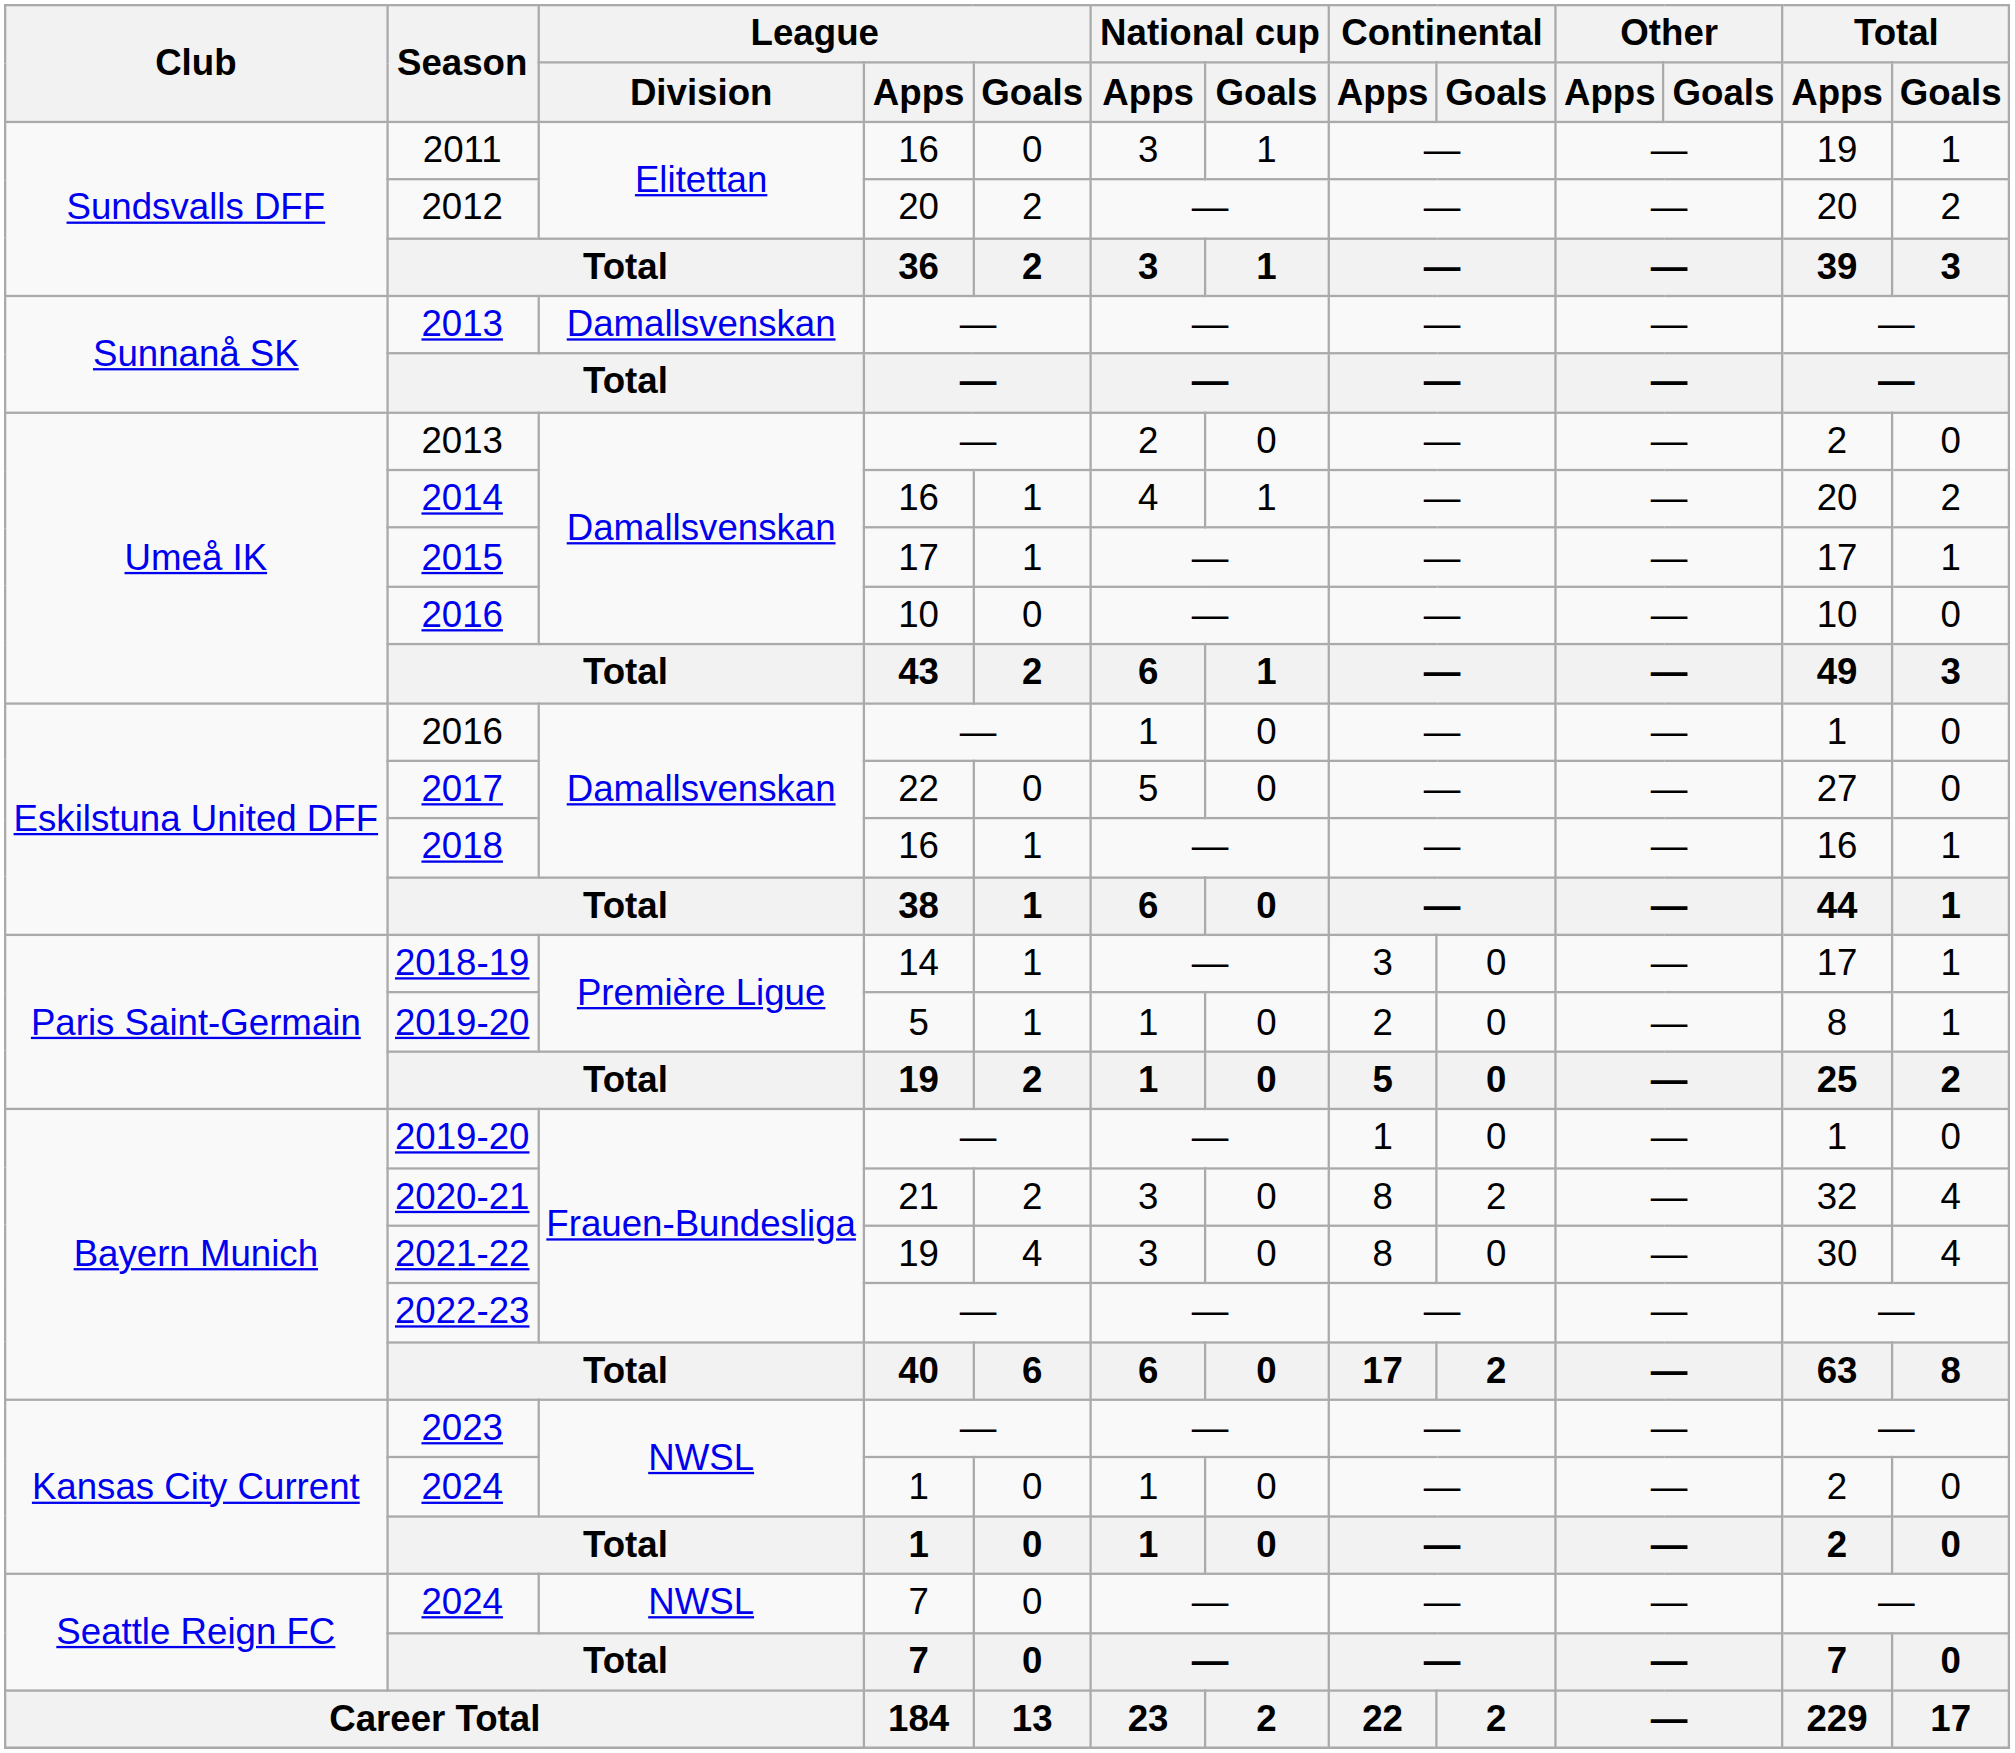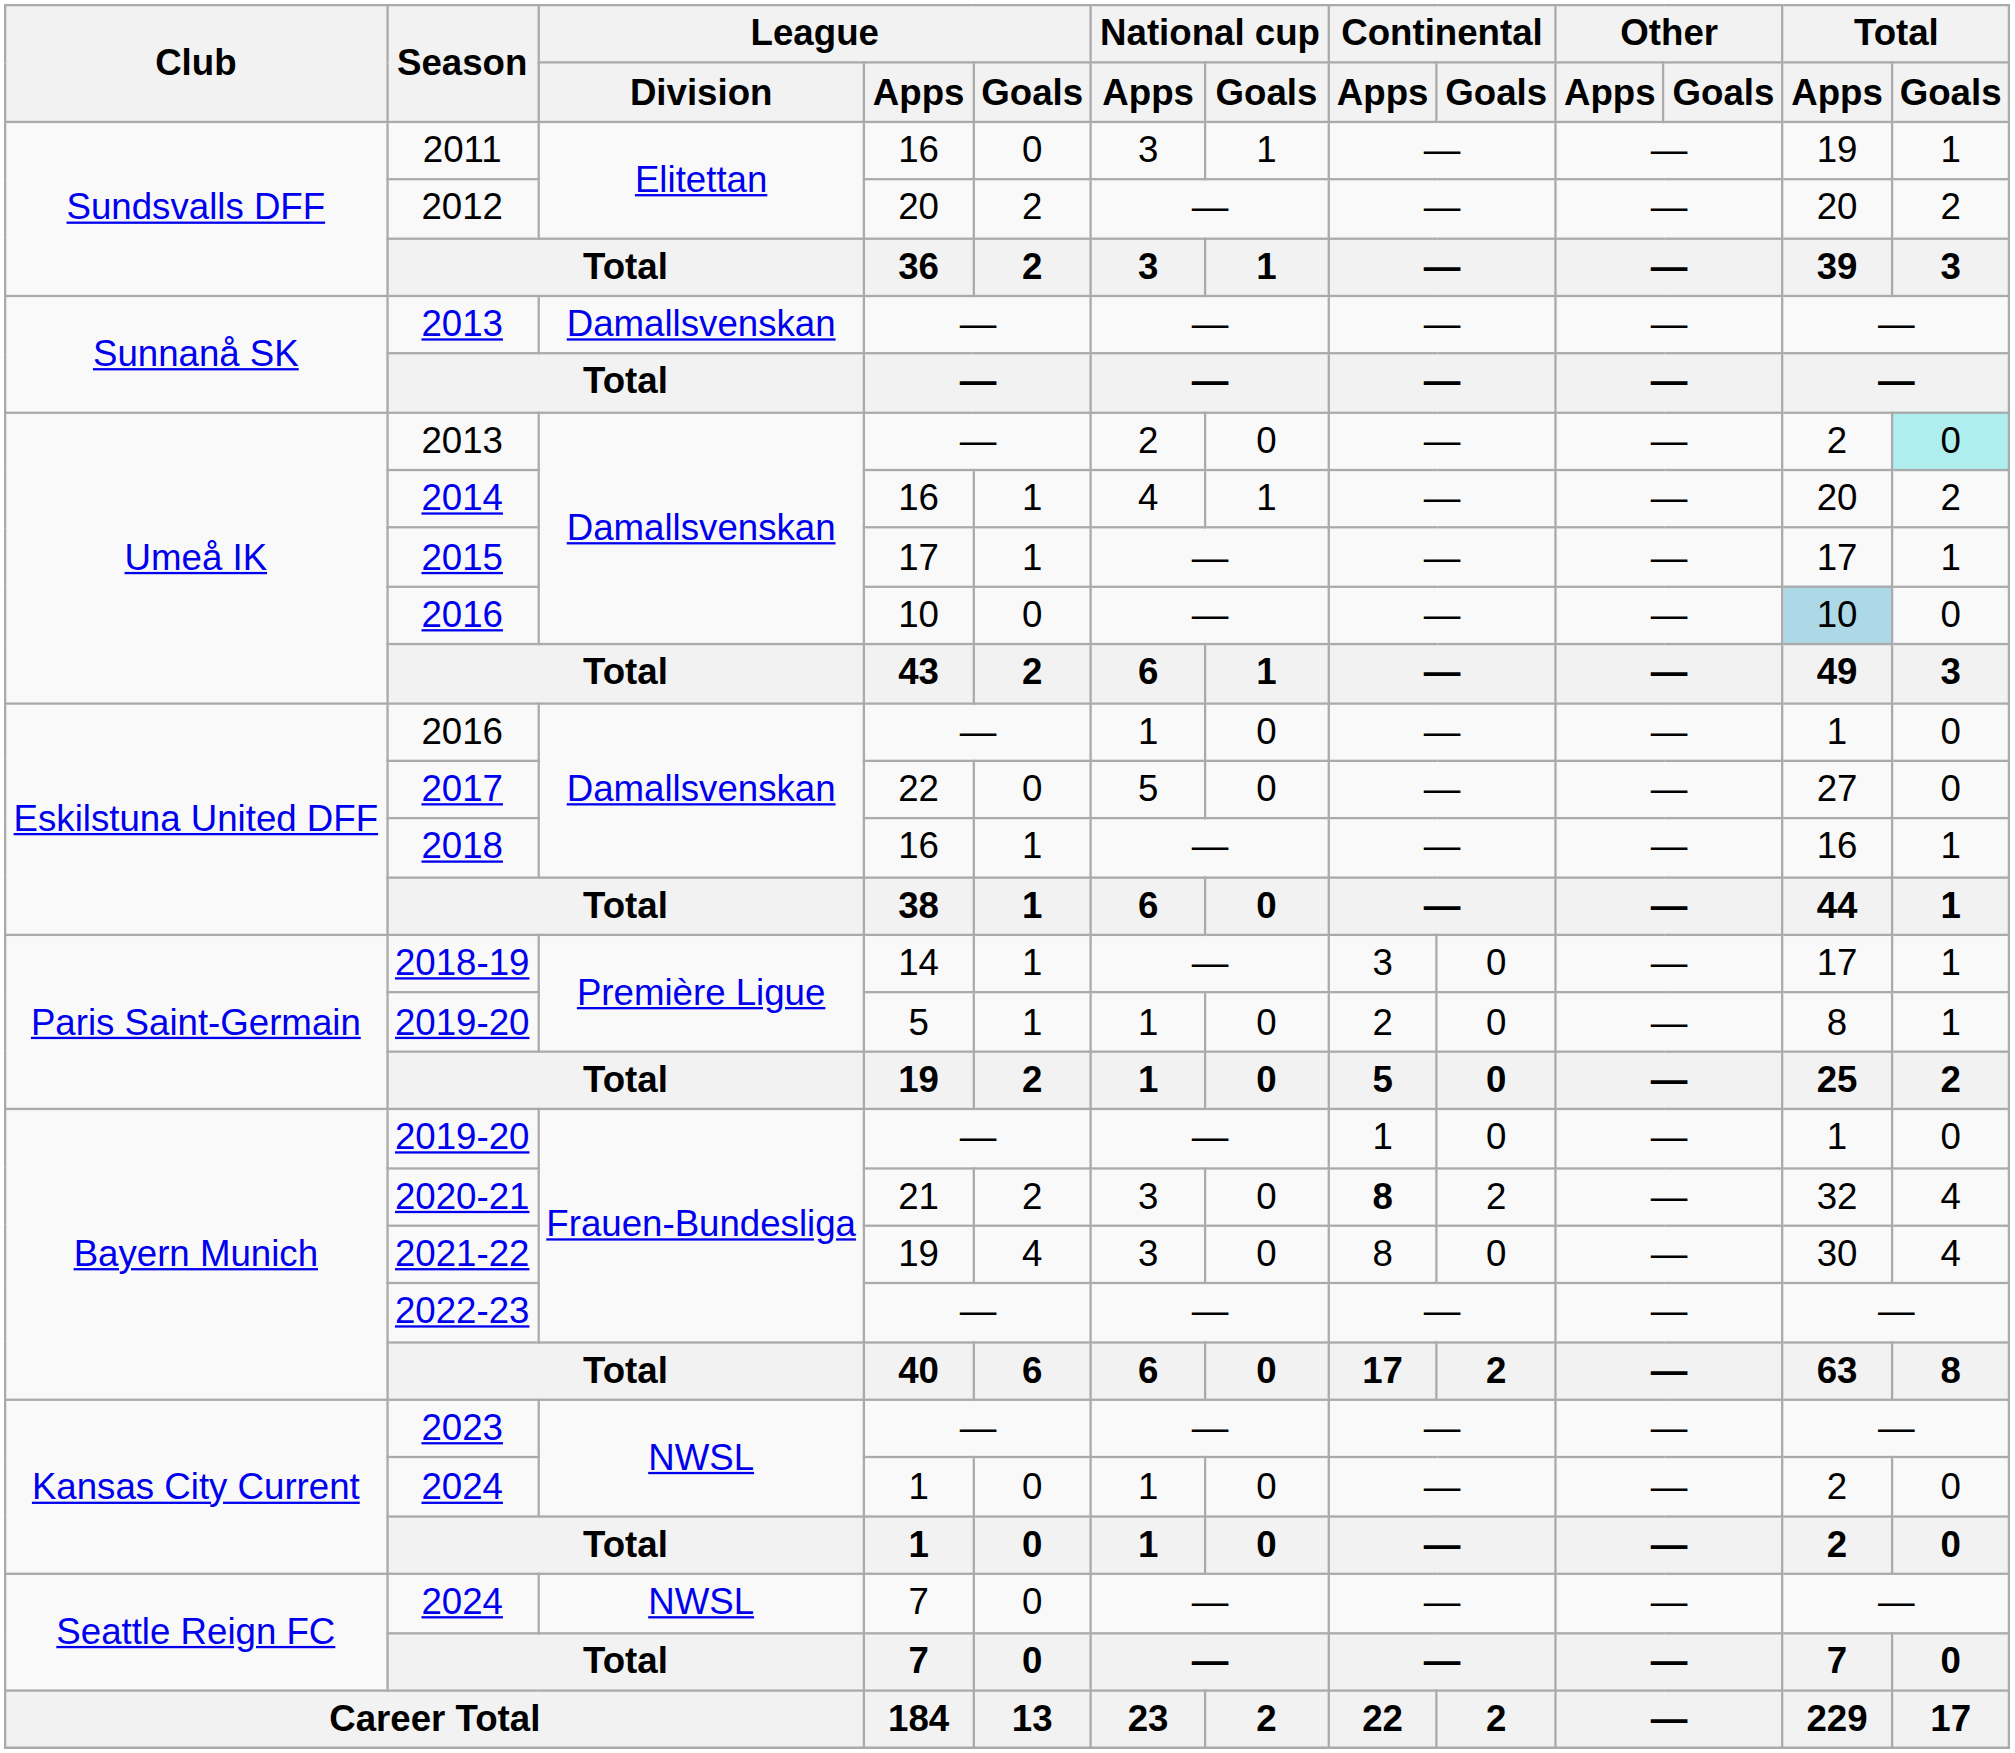 <table class="wikitable" style="text-align:center">
 <tr>
 <th rowspan="2">Club</th>
 <th rowspan="2">Season</th>
 <th colspan="3">League</th>
 <th colspan="2">National cup</th>
 <th colspan="2">Continental</th>
 <th colspan="2">Other</th>
 <th colspan="2">Total</th>
 </tr>
 <tr>
 <th>Division</th>
 <th>Apps</th>
 <th>Goals</th>
 <th>Apps</th>
 <th>Goals</th>
 <th>Apps</th>
 <th>Goals</th>
 <th>Apps</th>
 <th>Goals</th>
 <th>Apps</th>
 <th>Goals</th>
 </tr>
 <tr>
 <td rowspan="3"><a href='#'>Sundsvalls DFF</a></td>
 <td>2011</td>
 <td rowspan="2"><a href='#'>Elitettan</a></td>
 <td>16</td>
 <td>0</td>
 <td>3</td>
 <td>1</td>
 <td colspan="2">—</td>
 <td colspan="2">—</td>
 <td>19</td>
 <td>1</td>
 </tr>
 <tr>
 <td>2012</td>
 <td>20</td>
 <td>2</td>
 <td colspan="2">—</td>
 <td colspan="2">—</td>
 <td colspan="2">—</td>
 <td>20</td>
 <td>2</td>
 </tr>
 <tr>
 <th colspan="2">Total</th>
 <th>36</th>
 <th>2</th>
 <th>3</th>
 <th>1</th>
 <th colspan="2">—</th>
 <th colspan="2">—</th>
 <th>39</th>
 <th>3</th>
 </tr>
 <tr>
 <td rowspan="2"><a href='#'>Sunnanå SK</a></td>
 <td><a href='#'>2013</a></td>
 <td><a href='#'>Damallsvenskan</a></td>
 <td colspan="2">—</td>
 <td colspan="2">—</td>
 <td colspan="2">—</td>
 <td colspan="2">—</td>
 <td colspan="2">—</td>
 </tr>
 <tr>
 <th colspan="2">Total</th>
 <th colspan="2">—</th>
 <th colspan="2">—</th>
 <th colspan="2">—</th>
 <th colspan="2">—</th>
 <th colspan="2">—</th>
 </tr>
 <tr>
 <td rowspan="5"><a href='#'>Umeå IK</a></td>
 <td>2013</td>
 <td rowspan="4"><a href='#'>Damallsvenskan</a></td>
 <td colspan="2">—</td>
 <td>2</td>
 <td>0</td>
 <td colspan="2">—</td>
 <td colspan="2">—</td>
 <td>2</td>
-<td>0</td>
+<td style="background: paleturquoise;">0</td>
 </tr>
 <tr>
 <td><a href='#'>2014</a></td>
 <td>16</td>
 <td>1</td>
 <td>4</td>
 <td>1</td>
 <td colspan="2">—</td>
 <td colspan="2">—</td>
 <td>20</td>
 <td>2</td>
 </tr>
 <tr>
 <td><a href='#'>2015</a></td>
 <td>17</td>
 <td>1</td>
 <td colspan="2">—</td>
 <td colspan="2">—</td>
 <td colspan="2">—</td>
 <td>17</td>
 <td>1</td>
 </tr>
 <tr>
 <td><a href='#'>2016</a></td>
 <td>10</td>
 <td>0</td>
 <td colspan="2">—</td>
 <td colspan="2">—</td>
 <td colspan="2">—</td>
-<td>10</td>
+<td style="background: lightblue;">10</td>
 <td>0</td>
 </tr>
 <tr>
 <th colspan="2">Total</th>
 <th>43</th>
 <th>2</th>
 <th>6</th>
 <th>1</th>
 <th colspan="2">—</th>
 <th colspan="2">—</th>
 <th>49</th>
 <th>3</th>
 </tr>
 <tr>
 <td rowspan="4"><a href='#'>Eskilstuna United DFF</a></td>
 <td>2016</td>
 <td rowspan="3"><a href='#'>Damallsvenskan</a></td>
 <td colspan="2">—</td>
 <td>1</td>
 <td>0</td>
 <td colspan="2">—</td>
 <td colspan="2">—</td>
 <td>1</td>
 <td>0</td>
 </tr>
 <tr>
 <td><a href='#'>2017</a></td>
 <td>22</td>
 <td>0</td>
 <td>5</td>
 <td>0</td>
 <td colspan="2">—</td>
 <td colspan="2">—</td>
 <td>27</td>
 <td>0</td>
 </tr>
 <tr>
 <td><a href='#'>2018</a></td>
 <td>16</td>
 <td>1</td>
 <td colspan="2">—</td>
 <td colspan="2">—</td>
 <td colspan="2">—</td>
 <td>16</td>
 <td>1</td>
 </tr>
 <tr>
 <th colspan="2">Total</th>
 <th>38</th>
 <th>1</th>
 <th>6</th>
 <th>0</th>
 <th colspan="2">—</th>
 <th colspan="2">—</th>
 <th>44</th>
 <th>1</th>
 </tr>
 <tr>
 <td rowspan="3"><a href='#'>Paris Saint-Germain</a></td>
 <td><a href='#'>2018-19</a></td>
 <td rowspan="2"><a href='#'>Première Ligue</a></td>
 <td>14</td>
 <td>1</td>
 <td colspan="2">—</td>
 <td>3</td>
 <td>0</td>
 <td colspan="2">—</td>
 <td>17</td>
 <td>1</td>
 </tr>
 <tr>
 <td><a href='#'>2019-20</a></td>
 <td>5</td>
 <td>1</td>
 <td>1</td>
 <td>0</td>
 <td>2</td>
 <td>0</td>
 <td colspan="2">—</td>
 <td>8</td>
 <td>1</td>
 </tr>
 <tr>
 <th colspan="2">Total</th>
 <th>19</th>
 <th>2</th>
 <th>1</th>
 <th>0</th>
 <th>5</th>
 <th>0</th>
 <th colspan="2">—</th>
 <th>25</th>
 <th>2</th>
 </tr>
 <tr>
 <td rowspan="5"><a href='#'>Bayern Munich</a></td>
 <td><a href='#'>2019-20</a></td>
 <td rowspan="4"><a href='#'>Frauen-Bundesliga</a></td>
 <td colspan="2">—</td>
 <td colspan="2">—</td>
 <td>1</td>
 <td>0</td>
 <td colspan="2">—</td>
 <td>1</td>
 <td>0</td>
 </tr>
 <tr>
 <td><a href='#'>2020-21</a></td>
 <td>21</td>
 <td>2</td>
 <td>3</td>
 <td>0</td>
-<td>8</td>
+<td><strong>8</strong></td>
 <td>2</td>
 <td colspan="2">—</td>
 <td>32</td>
 <td>4</td>
 </tr>
 <tr>
 <td><a href='#'>2021-22</a></td>
 <td>19</td>
 <td>4</td>
 <td>3</td>
 <td>0</td>
 <td>8</td>
 <td>0</td>
 <td colspan="2">—</td>
 <td>30</td>
 <td>4</td>
 </tr>
 <tr>
 <td><a href='#'>2022-23</a></td>
 <td colspan="2">—</td>
 <td colspan="2">—</td>
 <td colspan="2">—</td>
 <td colspan="2">—</td>
 <td colspan="2">—</td>
 </tr>
 <tr>
 <th colspan="2">Total</th>
 <th>40</th>
 <th>6</th>
 <th>6</th>
 <th>0</th>
 <th>17</th>
 <th>2</th>
 <th colspan="2">—</th>
 <th>63</th>
 <th>8</th>
 </tr>
 <tr>
 <td rowspan="3"><a href='#'>Kansas City Current</a></td>
 <td><a href='#'>2023</a></td>
 <td rowspan="2"><a href='#'>NWSL</a></td>
 <td colspan="2">—</td>
 <td colspan="2">—</td>
 <td colspan="2">—</td>
 <td colspan="2">—</td>
 <td colspan="2">—</td>
 </tr>
 <tr>
 <td><a href='#'>2024</a></td>
 <td>1</td>
 <td>0</td>
 <td>1</td>
 <td>0</td>
 <td colspan="2">—</td>
 <td colspan="2">—</td>
 <td>2</td>
 <td>0</td>
 </tr>
 <tr>
 <th colspan="2">Total</th>
 <th>1</th>
 <th>0</th>
 <th>1</th>
 <th>0</th>
 <th colspan="2">—</th>
 <th colspan="2">—</th>
 <th>2</th>
 <th>0</th>
 </tr>
 <tr>
 <td rowspan="2"><a href='#'>Seattle Reign FC</a></td>
 <td><a href='#'>2024</a></td>
 <td><a href='#'>NWSL</a></td>
 <td>7</td>
 <td>0</td>
 <td colspan="2">—</td>
 <td colspan="2">—</td>
 <td colspan="2">—</td>
 <td colspan="2">—</td>
 </tr>
 <tr>
 <th colspan="2">Total</th>
 <th>7</th>
 <th>0</th>
 <th colspan="2">—</th>
 <th colspan="2">—</th>
 <th colspan="2">—</th>
 <th>7</th>
 <th>0</th>
 </tr>
 <tr>
 <th colspan="3">Career Total</th>
 <th>184</th>
 <th>13</th>
 <th>23</th>
 <th>2</th>
 <th>22</th>
 <th>2</th>
 <th colspan="2">—</th>
 <th>229</th>
 <th>17</th>
 </tr>
 <tr>
 </tr>
 </table>
